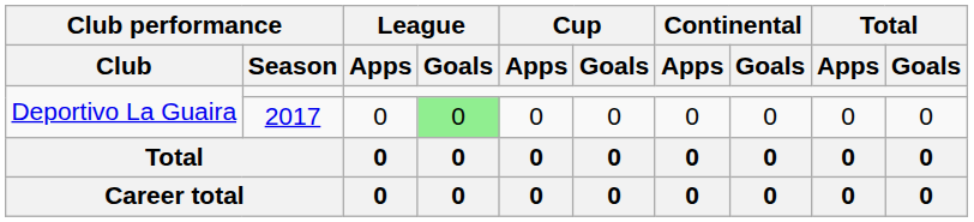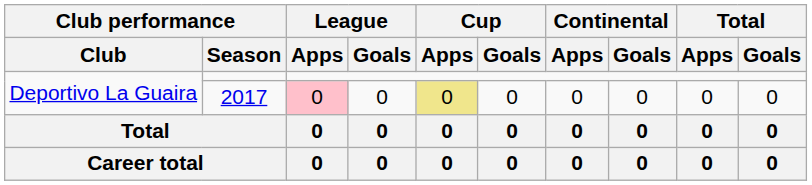 <table class="wikitable" style="text-align:center">
 <tr>
 <th colspan=3>Club performance</th>
 <th colspan=2>League</th>
 <th colspan=2>Cup</th>
 <th colspan=2>Continental</th>
 <th colspan=2>Total</th>
 </tr>
 <tr>
 <th>Club</th>
 <th colspan="2">Season</th>
 <th>Apps</th>
 <th>Goals</th>
 <th>Apps</th>
 <th>Goals</th>
 <th>Apps</th>
 <th>Goals</th>
 <th>Apps</th>
 <th>Goals</th>
 </tr>
 <tr>
 <td rowspan="2"><a href='#'>Deportivo La Guaira</a></td>
 <td colspan="2"></td>
 </tr>
 <tr>
 <td colspan="2"><a href='#'>2017</a></td>
+<td style="background: pink;">0</td>
 <td>0</td>
-<td style="background: lightgreen;">0</td>
-<td>0</td>
+<td style="background: khaki;">0</td>
 <td>0</td>
 <td>0</td>
 <td>0</td>
 <td>0</td>
 <td>0</td>
 </tr>
 <tr>
 <th colspan="3">Total</th>
 <th>0</th>
 <th>0</th>
 <th>0</th>
 <th>0</th>
 <th>0</th>
 <th>0</th>
 <th>0</th>
 <th>0</th>
 </tr>
 <tr>
 <th colspan=3>Career total</th>
 <th>0</th>
 <th>0</th>
 <th>0</th>
 <th>0</th>
 <th>0</th>
 <th>0</th>
 <th>0</th>
 <th>0</th>
 </tr>
 </table>
